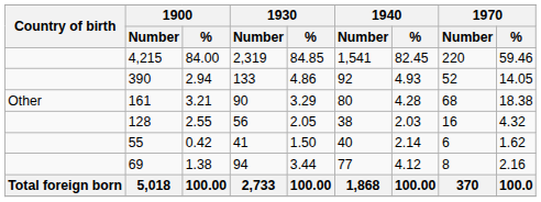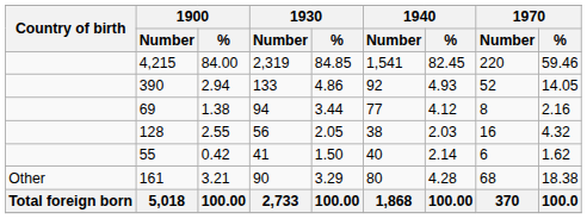 <table class="wikitable sortable collapsible left" style="font-size: 90%;">
 <tr>
 </tr>
 <tr>
 <th rowspan="3">Country of birth</th>
 </tr>
 <tr>
 <th colspan="2">1900</th>
 <th colspan="2">1930</th>
 <th colspan="2">1940</th>
 <th colspan="2">1970</th>
 </tr>
 <tr>
 <th>Number</th>
 <th>%</th>
 <th>Number</th>
 <th>%</th>
 <th>Number</th>
 <th>%</th>
 <th>Number</th>
 <th>%</th>
 </tr>
 <tr>
 <td></td>
 <td>4,215</td>
 <td>84.00</td>
 <td>2,319</td>
 <td>84.85</td>
 <td>1,541</td>
 <td>82.45</td>
 <td>220</td>
 <td>59.46</td>
 </tr>
 <tr>
 <td></td>
 <td>390</td>
 <td>2.94</td>
 <td>133</td>
 <td>4.86</td>
 <td>92</td>
 <td>4.93</td>
 <td>52</td>
 <td>14.05</td>
 </tr>
 <tr>
-<td>Other</td>
-<td>161</td>
-<td>3.21</td>
-<td>90</td>
-<td>3.29</td>
-<td>80</td>
-<td>4.28</td>
-<td>68</td>
-<td>18.38</td>
+<td></td>
+<td>69</td>
+<td>1.38</td>
+<td>94</td>
+<td>3.44</td>
+<td>77</td>
+<td>4.12</td>
+<td>8</td>
+<td>2.16</td>
 </tr>
 <tr>
 <td></td>
 <td>128</td>
 <td>2.55</td>
 <td>56</td>
 <td>2.05</td>
 <td>38</td>
 <td>2.03</td>
 <td>16</td>
 <td>4.32</td>
 </tr>
 <tr>
 <td></td>
 <td>55</td>
 <td>0.42</td>
 <td>41</td>
 <td>1.50</td>
 <td>40</td>
 <td>2.14</td>
 <td>6</td>
 <td>1.62</td>
 </tr>
 <tr>
-<td></td>
-<td>69</td>
-<td>1.38</td>
-<td>94</td>
-<td>3.44</td>
-<td>77</td>
-<td>4.12</td>
-<td>8</td>
-<td>2.16</td>
+<td>Other</td>
+<td>161</td>
+<td>3.21</td>
+<td>90</td>
+<td>3.29</td>
+<td>80</td>
+<td>4.28</td>
+<td>68</td>
+<td>18.38</td>
 </tr>
 <tr>
 <th>Total foreign born</th>
 <th>5,018</th>
 <th>100.00</th>
 <th>2,733</th>
 <th>100.00</th>
 <th>1,868</th>
 <th>100.00</th>
 <th>370</th>
 <th>100.0</th>
 </tr>
 <tr>
 </tr>
 </table>
